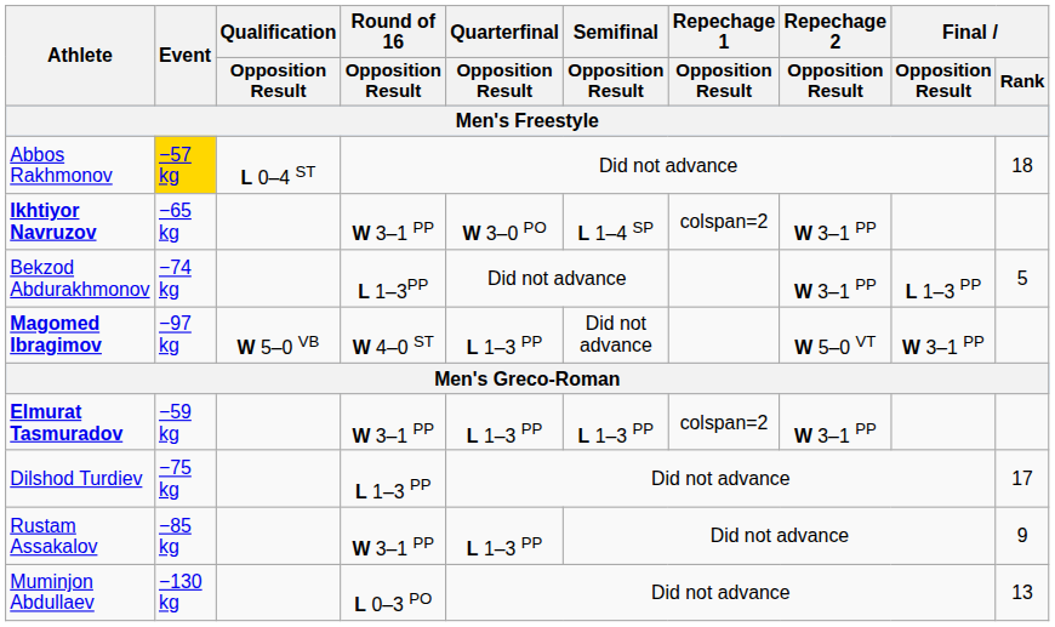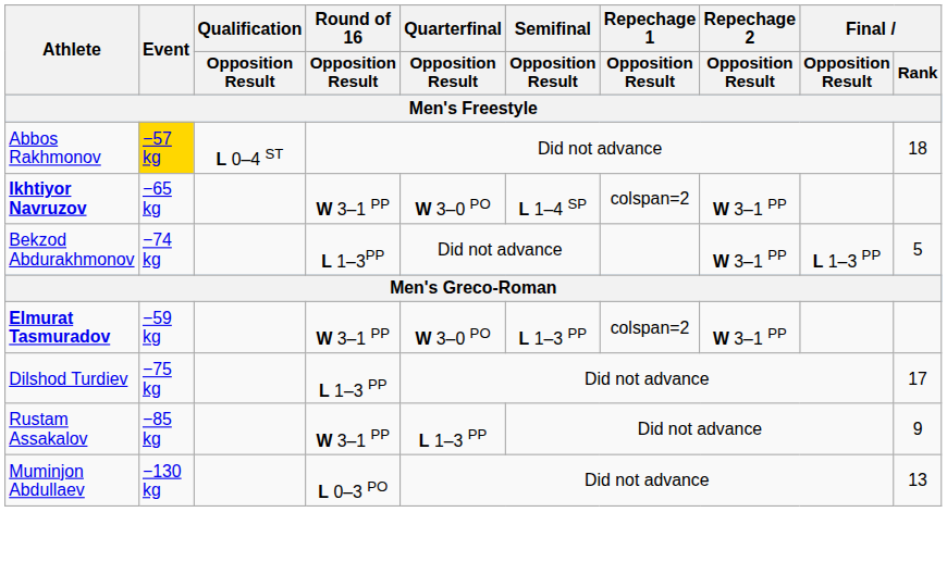 <table class="wikitable" style="font-size:90%">
 <tr>
 <th rowspan=2>Athlete</th>
 <th rowspan=2>Event</th>
 <th>Qualification</th>
 <th>Round of 16</th>
 <th>Quarterfinal</th>
 <th>Semifinal</th>
 <th>Repechage 1</th>
 <th>Repechage 2</th>
 <th colspan=2>Final / </th>
 </tr>
 <tr style="font-size: 95%">
 <th>Opposition<br>Result</th>
 <th>Opposition<br>Result</th>
 <th>Opposition<br>Result</th>
 <th>Opposition<br>Result</th>
 <th>Opposition<br>Result</th>
 <th>Opposition<br>Result</th>
 <th>Opposition<br>Result</th>
 <th>Rank</th>
 </tr>
 <tr style="background:#9acdff;">
 <th colspan=10>Men's Freestyle</th>
 </tr>
 <tr align=center>
 <td align=left><a href='#'>Abbos Rakhmonov</a></td>
 <td align=left style="background: gold;"><a href='#'>−57 kg</a></td>
 <td><br><strong>L</strong> 0–4 <sup>ST</sup></td>
 <td colspan=6>Did not advance</td>
 <td>18</td>
 </tr>
 <tr align=center>
 <td align=left><strong><a href='#'>Ikhtiyor Navruzov</a></strong></td>
 <td align=left><a href='#'>−65 kg</a></td>
 <td></td>
 <td><br><strong>W</strong> 3–1 <sup>PP</sup></td>
 <td><br><strong>W</strong> 3–0 <sup>PO</sup></td>
 <td><br><strong>L</strong> 1–4 <sup>SP</sup></td>
 <td>colspan=2 </td>
 <td><br><strong>W</strong> 3–1 <sup>PP</sup></td>
 <td></td>
 </tr>
 <tr align=center>
 <td align=left><a href='#'>Bekzod Abdurakhmonov</a></td>
 <td align=left><a href='#'>−74 kg</a></td>
 <td></td>
 <td><br><strong>L</strong> 1–3<sup>PP</sup></td>
 <td colspan=2>Did not advance</td>
 <td></td>
 <td><br><strong>W</strong> 3–1 <sup>PP</sup></td>
 <td><br><strong>L</strong> 1–3 <sup>PP</sup></td>
 <td>5</td>
 </tr>
-<tr align=center>
-<td align=left><strong><a href='#'>Magomed Ibragimov</a></strong></td>
-<td align=left><a href='#'>−97 kg</a></td>
-<td><br><strong>W</strong> 5–0 <sup>VB</sup></td>
-<td><br><strong>W</strong> 4–0 <sup>ST</sup></td>
-<td><br><strong>L</strong> 1–3 <sup>PP</sup></td>
-<td>Did not advance</td>
-<td></td>
-<td><br><strong>W</strong> 5–0 <sup>VT</sup></td>
-<td><br><strong>W</strong> 3–1 <sup>PP</sup></td>
-<td></td>
-</tr>
 <tr style="background:#9acdff;">
 <th colspan=10>Men's Greco-Roman</th>
 </tr>
 <tr align=center>
 <td align=left><strong><a href='#'>Elmurat Tasmuradov</a></strong></td>
 <td align=left><a href='#'>−59 kg</a></td>
 <td></td>
 <td><br><strong>W</strong> 3–1 <sup>PP</sup></td>
-<td><br><strong>L</strong> 1–3 <sup>PP</sup></td>
+<td><br><strong>W</strong> 3–0 <sup>PO</sup></td>
 <td><br><strong>L</strong> 1–3 <sup>PP</sup></td>
 <td>colspan=2 </td>
 <td><br><strong>W</strong> 3–1 <sup>PP</sup></td>
 <td></td>
 </tr>
 <tr align=center>
 <td align=left><a href='#'>Dilshod Turdiev</a></td>
 <td align=left><a href='#'>−75 kg</a></td>
 <td></td>
 <td><br><strong>L</strong> 1–3 <sup>PP</sup></td>
 <td colspan=5>Did not advance</td>
 <td>17</td>
 </tr>
 <tr align=center>
 <td align=left><a href='#'>Rustam Assakalov</a></td>
 <td align=left><a href='#'>−85 kg</a></td>
 <td></td>
 <td><br><strong>W</strong> 3–1 <sup>PP</sup></td>
 <td><br><strong>L</strong> 1–3 <sup>PP</sup></td>
 <td colspan=4>Did not advance</td>
 <td>9</td>
 </tr>
 <tr align=center>
 <td align=left><a href='#'>Muminjon Abdullaev</a></td>
 <td align=left><a href='#'>−130 kg</a></td>
 <td></td>
 <td><br><strong>L</strong> 0–3 <sup>PO</sup></td>
 <td colspan=5>Did not advance</td>
 <td>13</td>
 </tr>
 </table>
